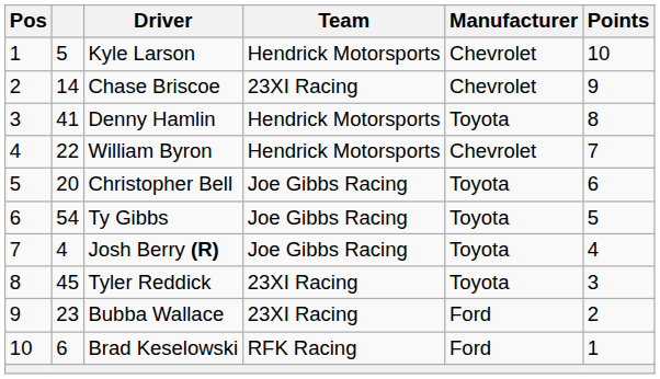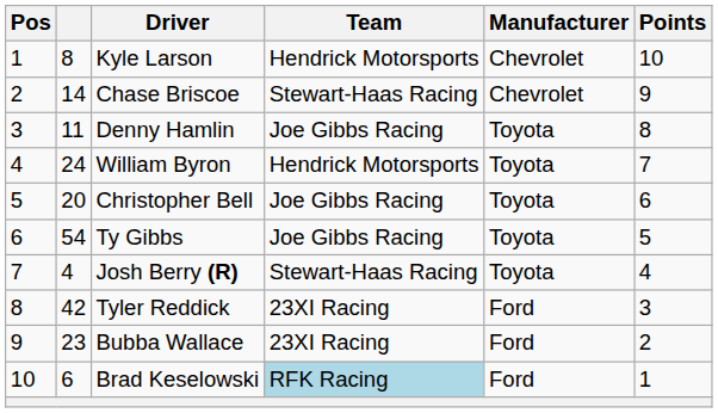 <table class="wikitable" style="font-size:98%">
 <tr>
 <th>Pos</th>
 <th></th>
 <th>Driver</th>
 <th>Team</th>
 <th>Manufacturer</th>
 <th>Points</th>
 </tr>
 <tr>
 <td>1</td>
-<td>5</td>
+<td>8</td>
 <td>Kyle Larson</td>
 <td>Hendrick Motorsports</td>
 <td>Chevrolet</td>
 <td>10</td>
 </tr>
 <tr>
 <td>2</td>
 <td>14</td>
 <td>Chase Briscoe</td>
-<td>23XI Racing</td>
+<td>Stewart-Haas Racing</td>
 <td>Chevrolet</td>
 <td>9</td>
 </tr>
 <tr>
 <td>3</td>
-<td>41</td>
+<td>11</td>
 <td>Denny Hamlin</td>
-<td>Hendrick Motorsports</td>
+<td>Joe Gibbs Racing</td>
 <td>Toyota</td>
 <td>8</td>
 </tr>
 <tr>
 <td>4</td>
-<td>22</td>
+<td>24</td>
 <td>William Byron</td>
 <td>Hendrick Motorsports</td>
-<td>Chevrolet</td>
+<td>Toyota</td>
 <td>7</td>
 </tr>
 <tr>
 <td>5</td>
 <td>20</td>
 <td>Christopher Bell</td>
 <td>Joe Gibbs Racing</td>
 <td>Toyota</td>
 <td>6</td>
 </tr>
 <tr>
 <td>6</td>
 <td>54</td>
 <td>Ty Gibbs</td>
 <td>Joe Gibbs Racing</td>
 <td>Toyota</td>
 <td>5</td>
 </tr>
 <tr>
 <td>7</td>
 <td>4</td>
 <td>Josh Berry <strong>(R)</strong></td>
-<td>Joe Gibbs Racing</td>
+<td>Stewart-Haas Racing</td>
 <td>Toyota</td>
 <td>4</td>
 </tr>
 <tr>
 <td>8</td>
-<td>45</td>
+<td>42</td>
 <td>Tyler Reddick</td>
 <td>23XI Racing</td>
-<td>Toyota</td>
+<td>Ford</td>
 <td>3</td>
 </tr>
 <tr>
 <td>9</td>
 <td>23</td>
 <td>Bubba Wallace</td>
 <td>23XI Racing</td>
 <td>Ford</td>
 <td>2</td>
 </tr>
 <tr>
 <td>10</td>
 <td>6</td>
 <td>Brad Keselowski</td>
-<td>RFK Racing</td>
+<td style="background: lightblue;">RFK Racing</td>
 <td>Ford</td>
 <td>1</td>
 </tr>
 <tr>
 <th colspan="6"></th>
 </tr>
 </table>
